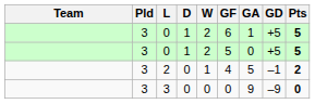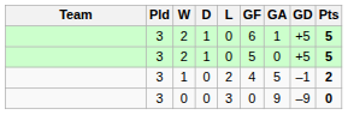 <table class="wikitable" style="text-align:center;">
 <tr>
 <th width=165>Team</th>
 <th width=20>Pld</th>
+<th width=20>W</th>
+<th width=20>D</th>
 <th width=20>L</th>
-<th width=20>D</th>
-<th width=20>W</th>
 <th width=20>GF</th>
 <th width=20>GA</th>
 <th width=20>GD</th>
 <th width=20>Pts</th>
 </tr>
 <tr bgcolor="#ccffcc">
 <td align="left"></td>
 <td>3</td>
+<td>2</td>
+<td>1</td>
 <td>0</td>
-<td>1</td>
-<td>2</td>
 <td>6</td>
 <td>1</td>
 <td>+5</td>
 <td><strong>5</strong></td>
 </tr>
 <tr bgcolor="#ccffcc">
 <td align="left"></td>
 <td>3</td>
+<td>2</td>
+<td>1</td>
 <td>0</td>
-<td>1</td>
-<td>2</td>
 <td>5</td>
 <td>0</td>
 <td>+5</td>
 <td><strong>5</strong></td>
 </tr>
 <tr>
 <td align="left"></td>
 <td>3</td>
+<td>1</td>
+<td>0</td>
 <td>2</td>
-<td>0</td>
-<td>1</td>
 <td>4</td>
 <td>5</td>
 <td>–1</td>
 <td><strong>2</strong></td>
 </tr>
 <tr>
 <td align="left"></td>
 <td>3</td>
-<td>3</td>
 <td>0</td>
 <td>0</td>
+<td>3</td>
 <td>0</td>
 <td>9</td>
 <td>–9</td>
 <td><strong>0</strong></td>
 </tr>
 </table>
